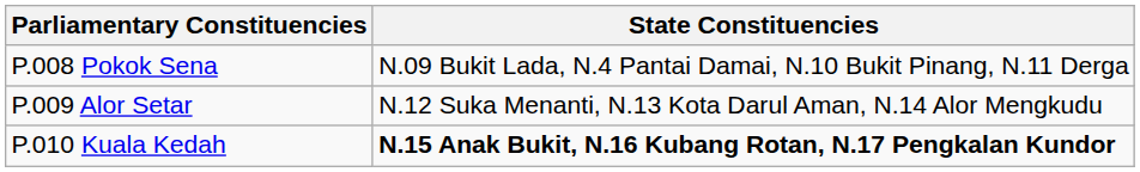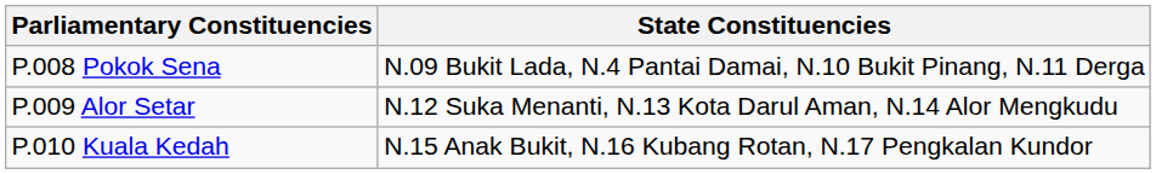 <table class="wikitable">
 <tr>
 <th>Parliamentary Constituencies</th>
 <th>State Constituencies</th>
 </tr>
 <tr>
 <td>P.008 <a href='#'>Pokok Sena</a></td>
 <td>N.09 Bukit Lada, N.4 Pantai Damai, N.10 Bukit Pinang, N.11 Derga</td>
 </tr>
 <tr>
 <td>P.009 <a href='#'>Alor Setar</a></td>
 <td>N.12 Suka Menanti, N.13 Kota Darul Aman, N.14 Alor Mengkudu</td>
 </tr>
 <tr>
 <td>P.010 <a href='#'>Kuala Kedah</a></td>
-<td><strong>N.15 Anak Bukit, N.16 Kubang Rotan, N.17 Pengkalan Kundor</strong></td>
+<td>N.15 Anak Bukit, N.16 Kubang Rotan, N.17 Pengkalan Kundor</td>
 </tr>
 </table>
